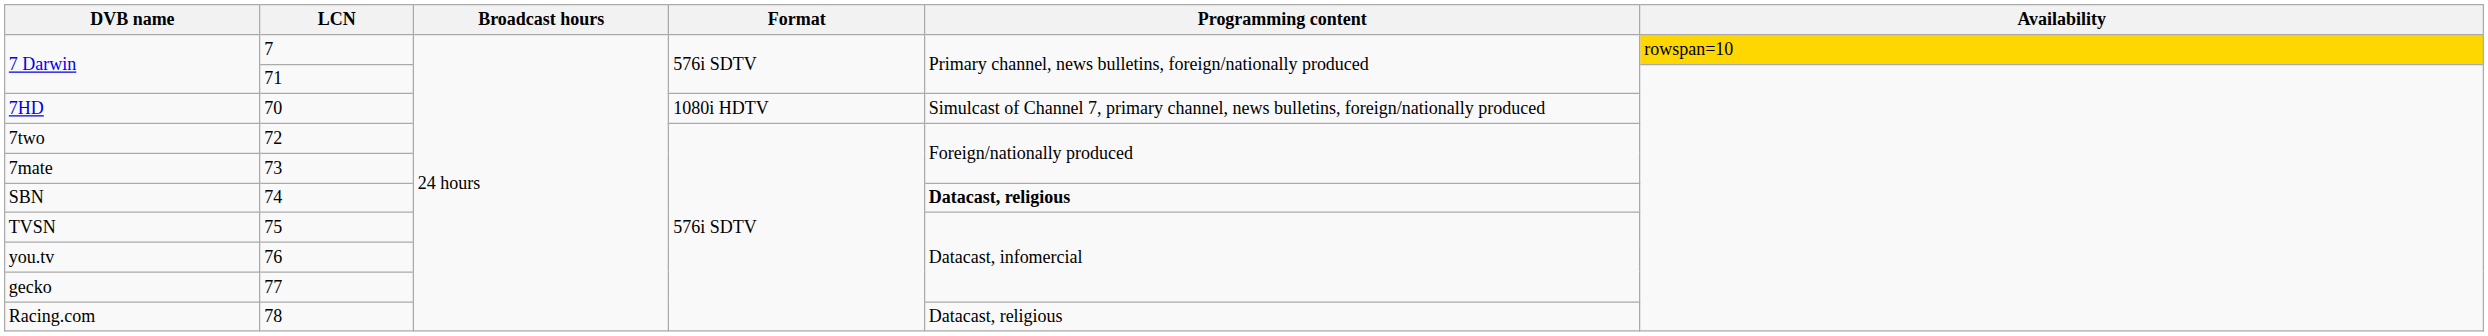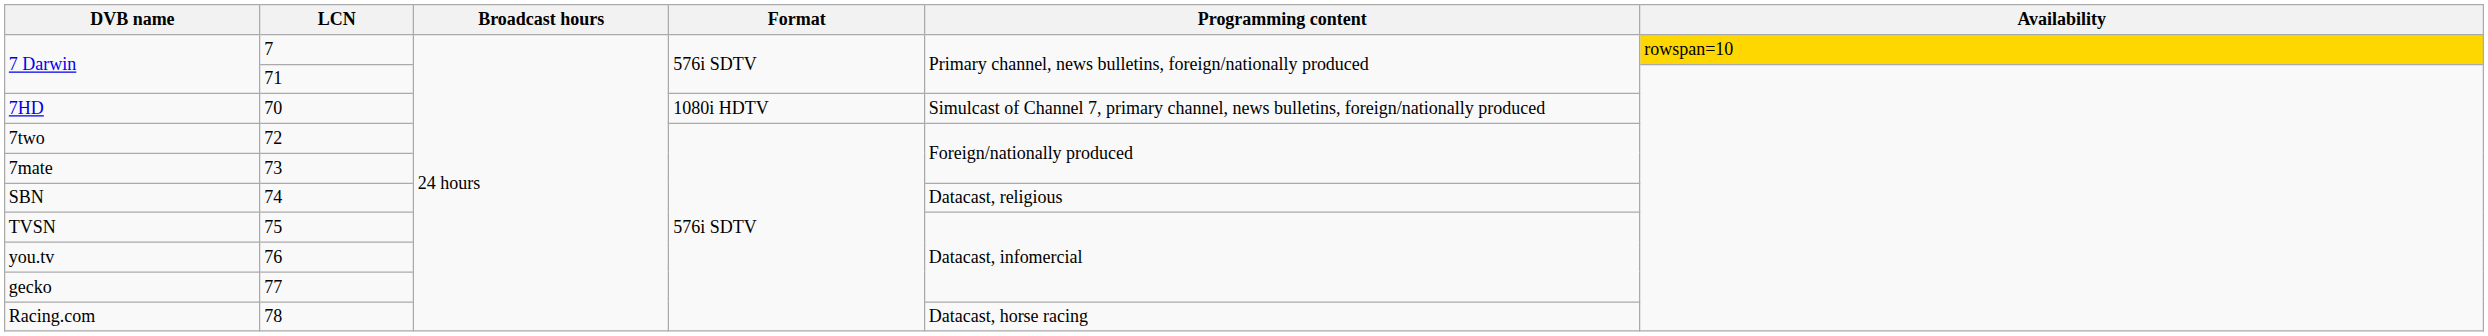 <table class="wikitable" style="font-size:90%; width:100%;">
 <tr>
 <th width="10%">DVB name</th>
 <th width="6%">LCN</th>
 <th width="10%">Broadcast hours</th>
 <th width="10%">Format</th>
 <th width="28%">Programming content</th>
 <th width="33%">Availability</th>
 </tr>
 <tr>
 <td rowspan=2><a href='#'>7 Darwin</a></td>
 <td>7</td>
 <td rowspan=10>24 hours</td>
 <td rowspan=2>576i SDTV</td>
 <td rowspan=2>Primary channel, news bulletins, foreign/nationally produced </td>
 <td style="background: gold;">rowspan=10 </td>
 </tr>
 <tr>
 <td>71</td>
 </tr>
 <tr>
 <td><a href='#'>7HD</a></td>
 <td>70</td>
 <td>1080i HDTV<br></td>
 <td>Simulcast of Channel 7, primary channel, news bulletins, foreign/nationally produced </td>
 </tr>
 <tr>
 <td>7two</td>
 <td>72</td>
 <td rowspan=7>576i SDTV<br></td>
 <td rowspan=2>Foreign/nationally produced </td>
 </tr>
 <tr>
 <td>7mate</td>
 <td>73</td>
 </tr>
 <tr>
 <td>SBN</td>
 <td>74</td>
-<td><strong>Datacast, religious </strong></td>
+<td>Datacast, religious </td>
 </tr>
 <tr>
 <td>TVSN</td>
 <td>75</td>
 <td rowspan=3>Datacast, infomercial </td>
 </tr>
 <tr>
 <td>you.tv</td>
 <td>76</td>
 </tr>
 <tr>
 <td>gecko</td>
 <td>77</td>
 </tr>
 <tr>
 <td>Racing.com</td>
 <td>78</td>
-<td>Datacast, religious </td>
+<td>Datacast, horse racing </td>
 </tr>
 </table>
